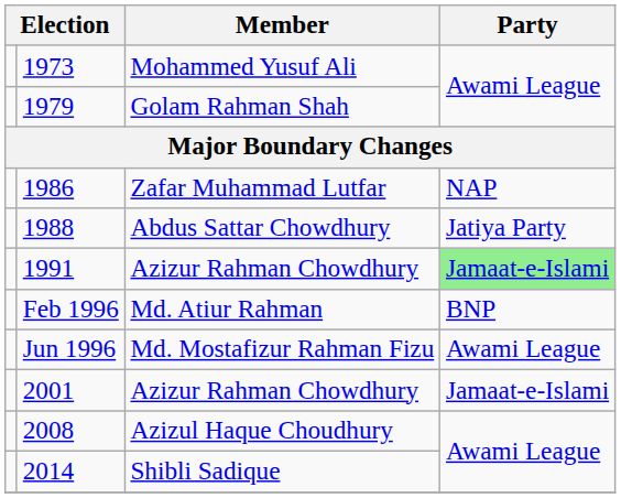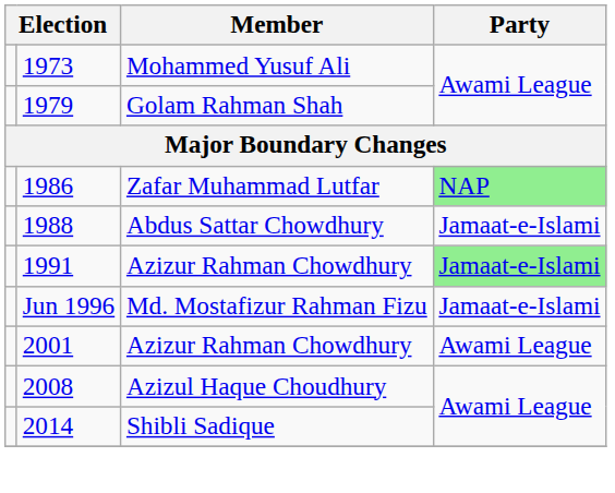 <table class="wikitable">
 <tr>
 <th colspan="2">Election</th>
 <th>Member</th>
 <th>Party</th>
 </tr>
 <tr>
 <td style="background-color:"></td>
 <td><a href='#'>1973</a></td>
 <td><a href='#'>Mohammed Yusuf Ali</a></td>
 <td rowspan="2"><a href='#'>Awami League</a></td>
 </tr>
 <tr>
 <td style="background-color:"></td>
 <td><a href='#'>1979</a></td>
 <td><a href='#'>Golam Rahman Shah</a></td>
 </tr>
 <tr>
 <th colspan="4">Major Boundary Changes</th>
 </tr>
 <tr>
 <td style="background-color:"></td>
 <td><a href='#'>1986</a></td>
 <td><a href='#'>Zafar Muhammad Lutfar</a></td>
-<td><a href='#'>NAP</a></td>
+<td style="background: lightgreen;"><a href='#'>NAP</a></td>
 </tr>
 <tr>
 <td style="background-color:"></td>
 <td><a href='#'>1988</a></td>
 <td><a href='#'>Abdus Sattar Chowdhury</a></td>
-<td><a href='#'>Jatiya Party</a></td>
+<td><a href='#'>Jamaat-e-Islami</a></td>
 </tr>
 <tr>
 <td style="background-color:"></td>
 <td><a href='#'>1991</a></td>
 <td><a href='#'>Azizur Rahman Chowdhury</a></td>
 <td style="background: lightgreen;"><a href='#'>Jamaat-e-Islami</a></td>
 </tr>
 <tr>
 <td style="background-color:"></td>
-<td><a href='#'>Feb 1996</a></td>
-<td><a href='#'>Md. Atiur Rahman</a></td>
-<td><a href='#'>BNP</a></td>
-</tr>
-<tr>
-<td style="background-color:"></td>
 <td><a href='#'>Jun 1996</a></td>
 <td><a href='#'>Md. Mostafizur Rahman Fizu</a></td>
-<td><a href='#'>Awami League</a></td>
+<td><a href='#'>Jamaat-e-Islami</a></td>
 </tr>
 <tr>
 <td style="background-color:"></td>
 <td><a href='#'>2001</a></td>
 <td><a href='#'>Azizur Rahman Chowdhury</a></td>
-<td><a href='#'>Jamaat-e-Islami</a></td>
+<td><a href='#'>Awami League</a></td>
 </tr>
 <tr>
 <td style="background-color:"></td>
 <td><a href='#'>2008</a></td>
 <td><a href='#'>Azizul Haque Choudhury</a></td>
 <td rowspan="2"><a href='#'>Awami League</a></td>
 </tr>
 <tr>
 <td style="background-color:"></td>
 <td><a href='#'>2014</a></td>
 <td><a href='#'>Shibli Sadique</a></td>
 </tr>
 <tr>
 </tr>
 </table>
